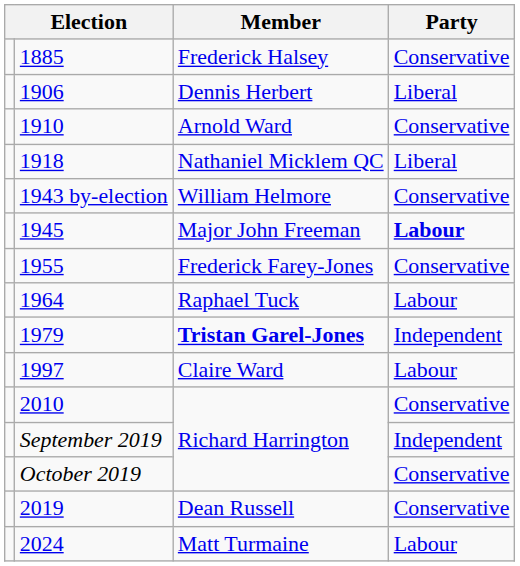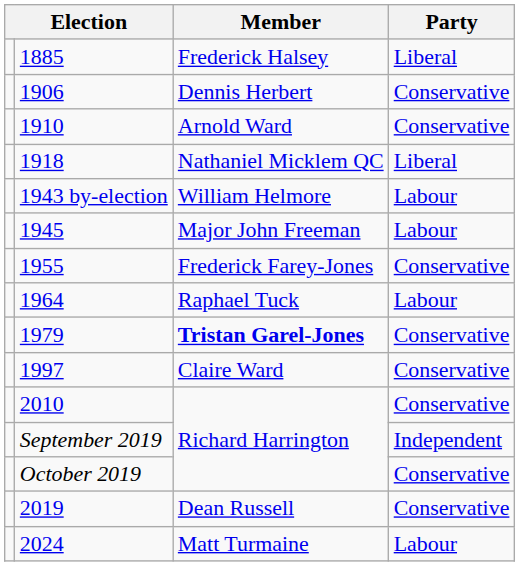 <table class="wikitable">
 <tr>
 <th colspan="2">Election</th>
 <th>Member</th>
 <th>Party</th>
 </tr>
 <tr>
 <td style="color:inherit;background-color: "></td>
 <td><a href='#'>1885</a></td>
 <td><a href='#'>Frederick Halsey</a></td>
-<td><a href='#'>Conservative</a></td>
+<td><a href='#'>Liberal</a></td>
 </tr>
 <tr>
 <td style="color:inherit;background-color: "></td>
 <td><a href='#'>1906</a></td>
 <td><a href='#'>Dennis Herbert</a></td>
-<td><a href='#'>Liberal</a></td>
+<td><a href='#'>Conservative</a></td>
 </tr>
 <tr>
 <td style="color:inherit;background-color: "></td>
 <td><a href='#'>1910</a></td>
 <td><a href='#'>Arnold Ward</a></td>
 <td><a href='#'>Conservative</a></td>
 </tr>
 <tr>
 <td style="color:inherit;background-color: "></td>
 <td><a href='#'>1918</a></td>
 <td><a href='#'>Nathaniel Micklem QC</a></td>
 <td><a href='#'>Liberal</a></td>
 </tr>
 <tr>
 <td style="color:inherit;background-color: "></td>
 <td><a href='#'>1943 by-election</a></td>
 <td><a href='#'>William Helmore</a></td>
-<td><a href='#'>Conservative</a></td>
+<td><a href='#'>Labour</a></td>
 </tr>
 <tr>
 <td style="color:inherit;background-color: "></td>
 <td><a href='#'>1945</a></td>
 <td><a href='#'>Major John Freeman</a></td>
-<td><strong><a href='#'>Labour</a></strong></td>
+<td><a href='#'>Labour</a></td>
 </tr>
 <tr>
 <td style="color:inherit;background-color: "></td>
 <td><a href='#'>1955</a></td>
 <td><a href='#'>Frederick Farey-Jones</a></td>
 <td><a href='#'>Conservative</a></td>
 </tr>
 <tr>
 <td style="color:inherit;background-color: "></td>
 <td><a href='#'>1964</a></td>
 <td><a href='#'>Raphael Tuck</a></td>
 <td><a href='#'>Labour</a></td>
 </tr>
 <tr>
 <td style="color:inherit;background-color: "></td>
 <td><a href='#'>1979</a></td>
 <td><strong><a href='#'>Tristan Garel-Jones</a></strong></td>
-<td><a href='#'>Independent</a></td>
+<td><a href='#'>Conservative</a></td>
 </tr>
 <tr>
 <td style="color:inherit;background-color: "></td>
 <td><a href='#'>1997</a></td>
 <td><a href='#'>Claire Ward</a></td>
-<td><a href='#'>Labour</a></td>
+<td><a href='#'>Conservative</a></td>
 </tr>
 <tr>
 <td style="color:inherit;background-color: "></td>
 <td><a href='#'>2010</a></td>
 <td rowspan=3><a href='#'>Richard Harrington</a></td>
 <td><a href='#'>Conservative</a></td>
 </tr>
 <tr>
 <td style="color:inherit;background-color: "></td>
 <td><em>September 2019</em></td>
 <td><a href='#'>Independent</a></td>
 </tr>
 <tr>
 <td style="color:inherit;background-color: "></td>
 <td><em>October 2019</em></td>
 <td><a href='#'>Conservative</a></td>
 </tr>
 <tr>
 <td style="color:inherit;background-color: "></td>
 <td><a href='#'>2019</a></td>
 <td><a href='#'>Dean Russell</a></td>
 <td><a href='#'>Conservative</a></td>
 </tr>
 <tr>
 <td style="color:inherit;background-color: "></td>
 <td><a href='#'>2024</a></td>
 <td><a href='#'>Matt Turmaine </a></td>
 <td><a href='#'>Labour</a></td>
 </tr>
 </table>
